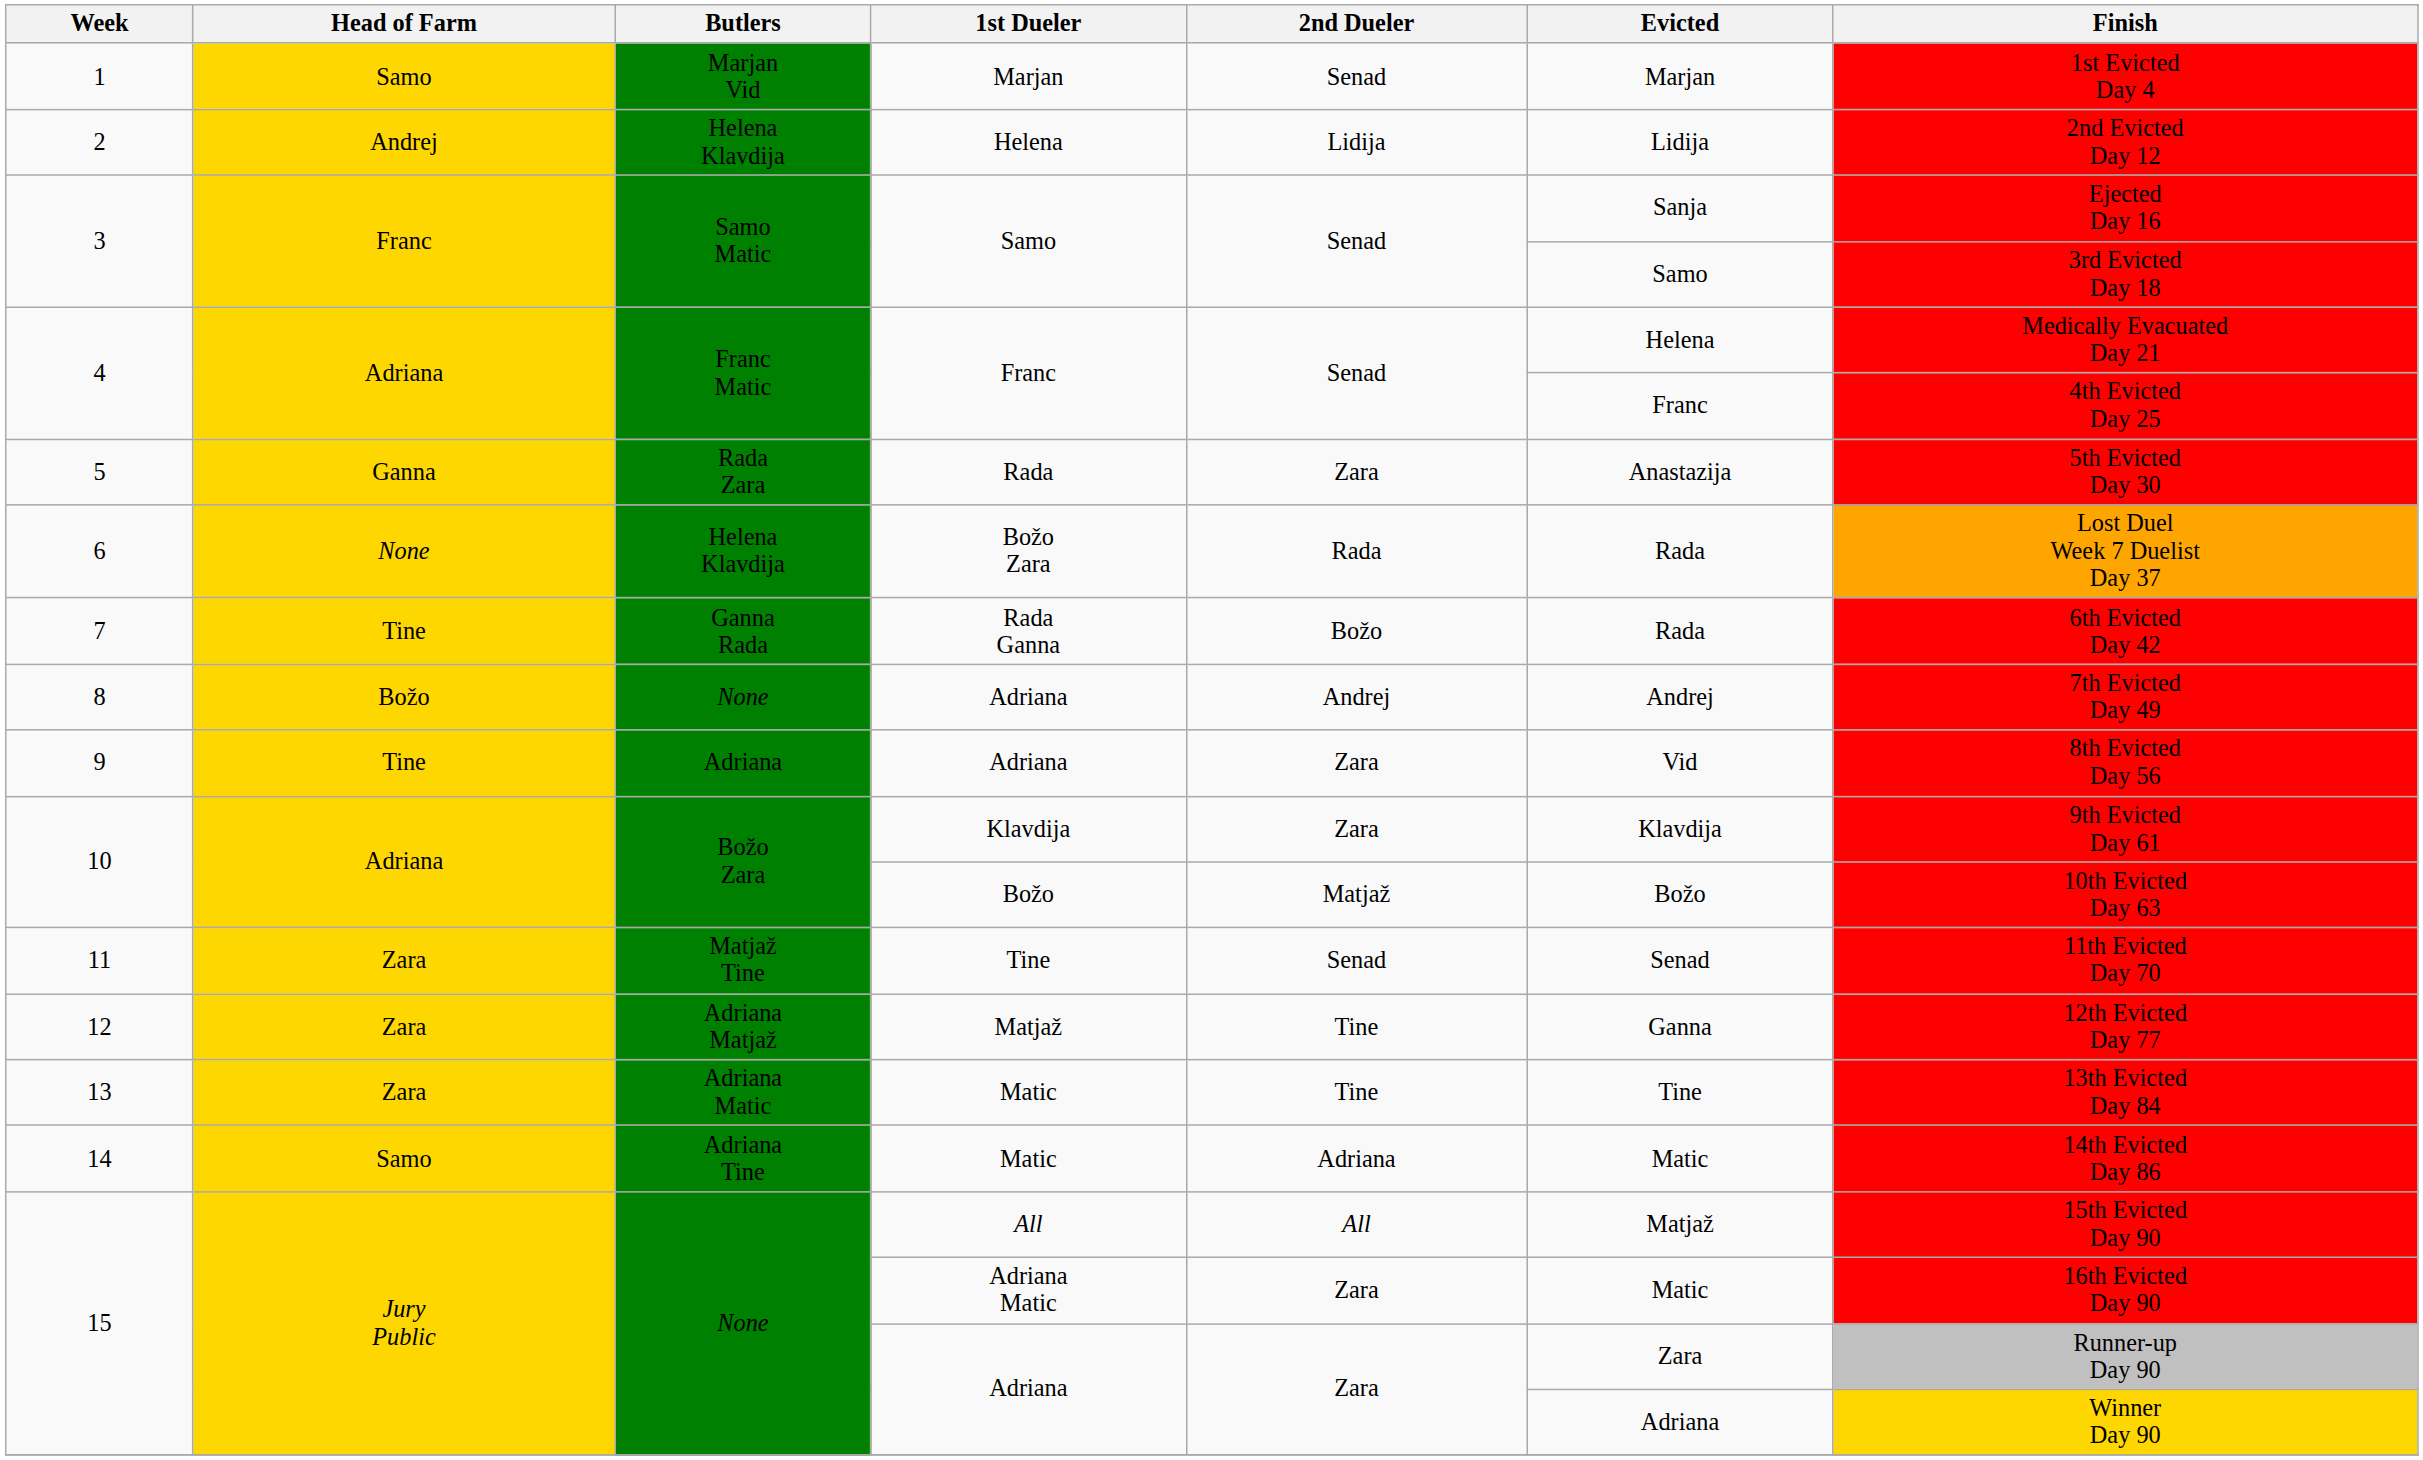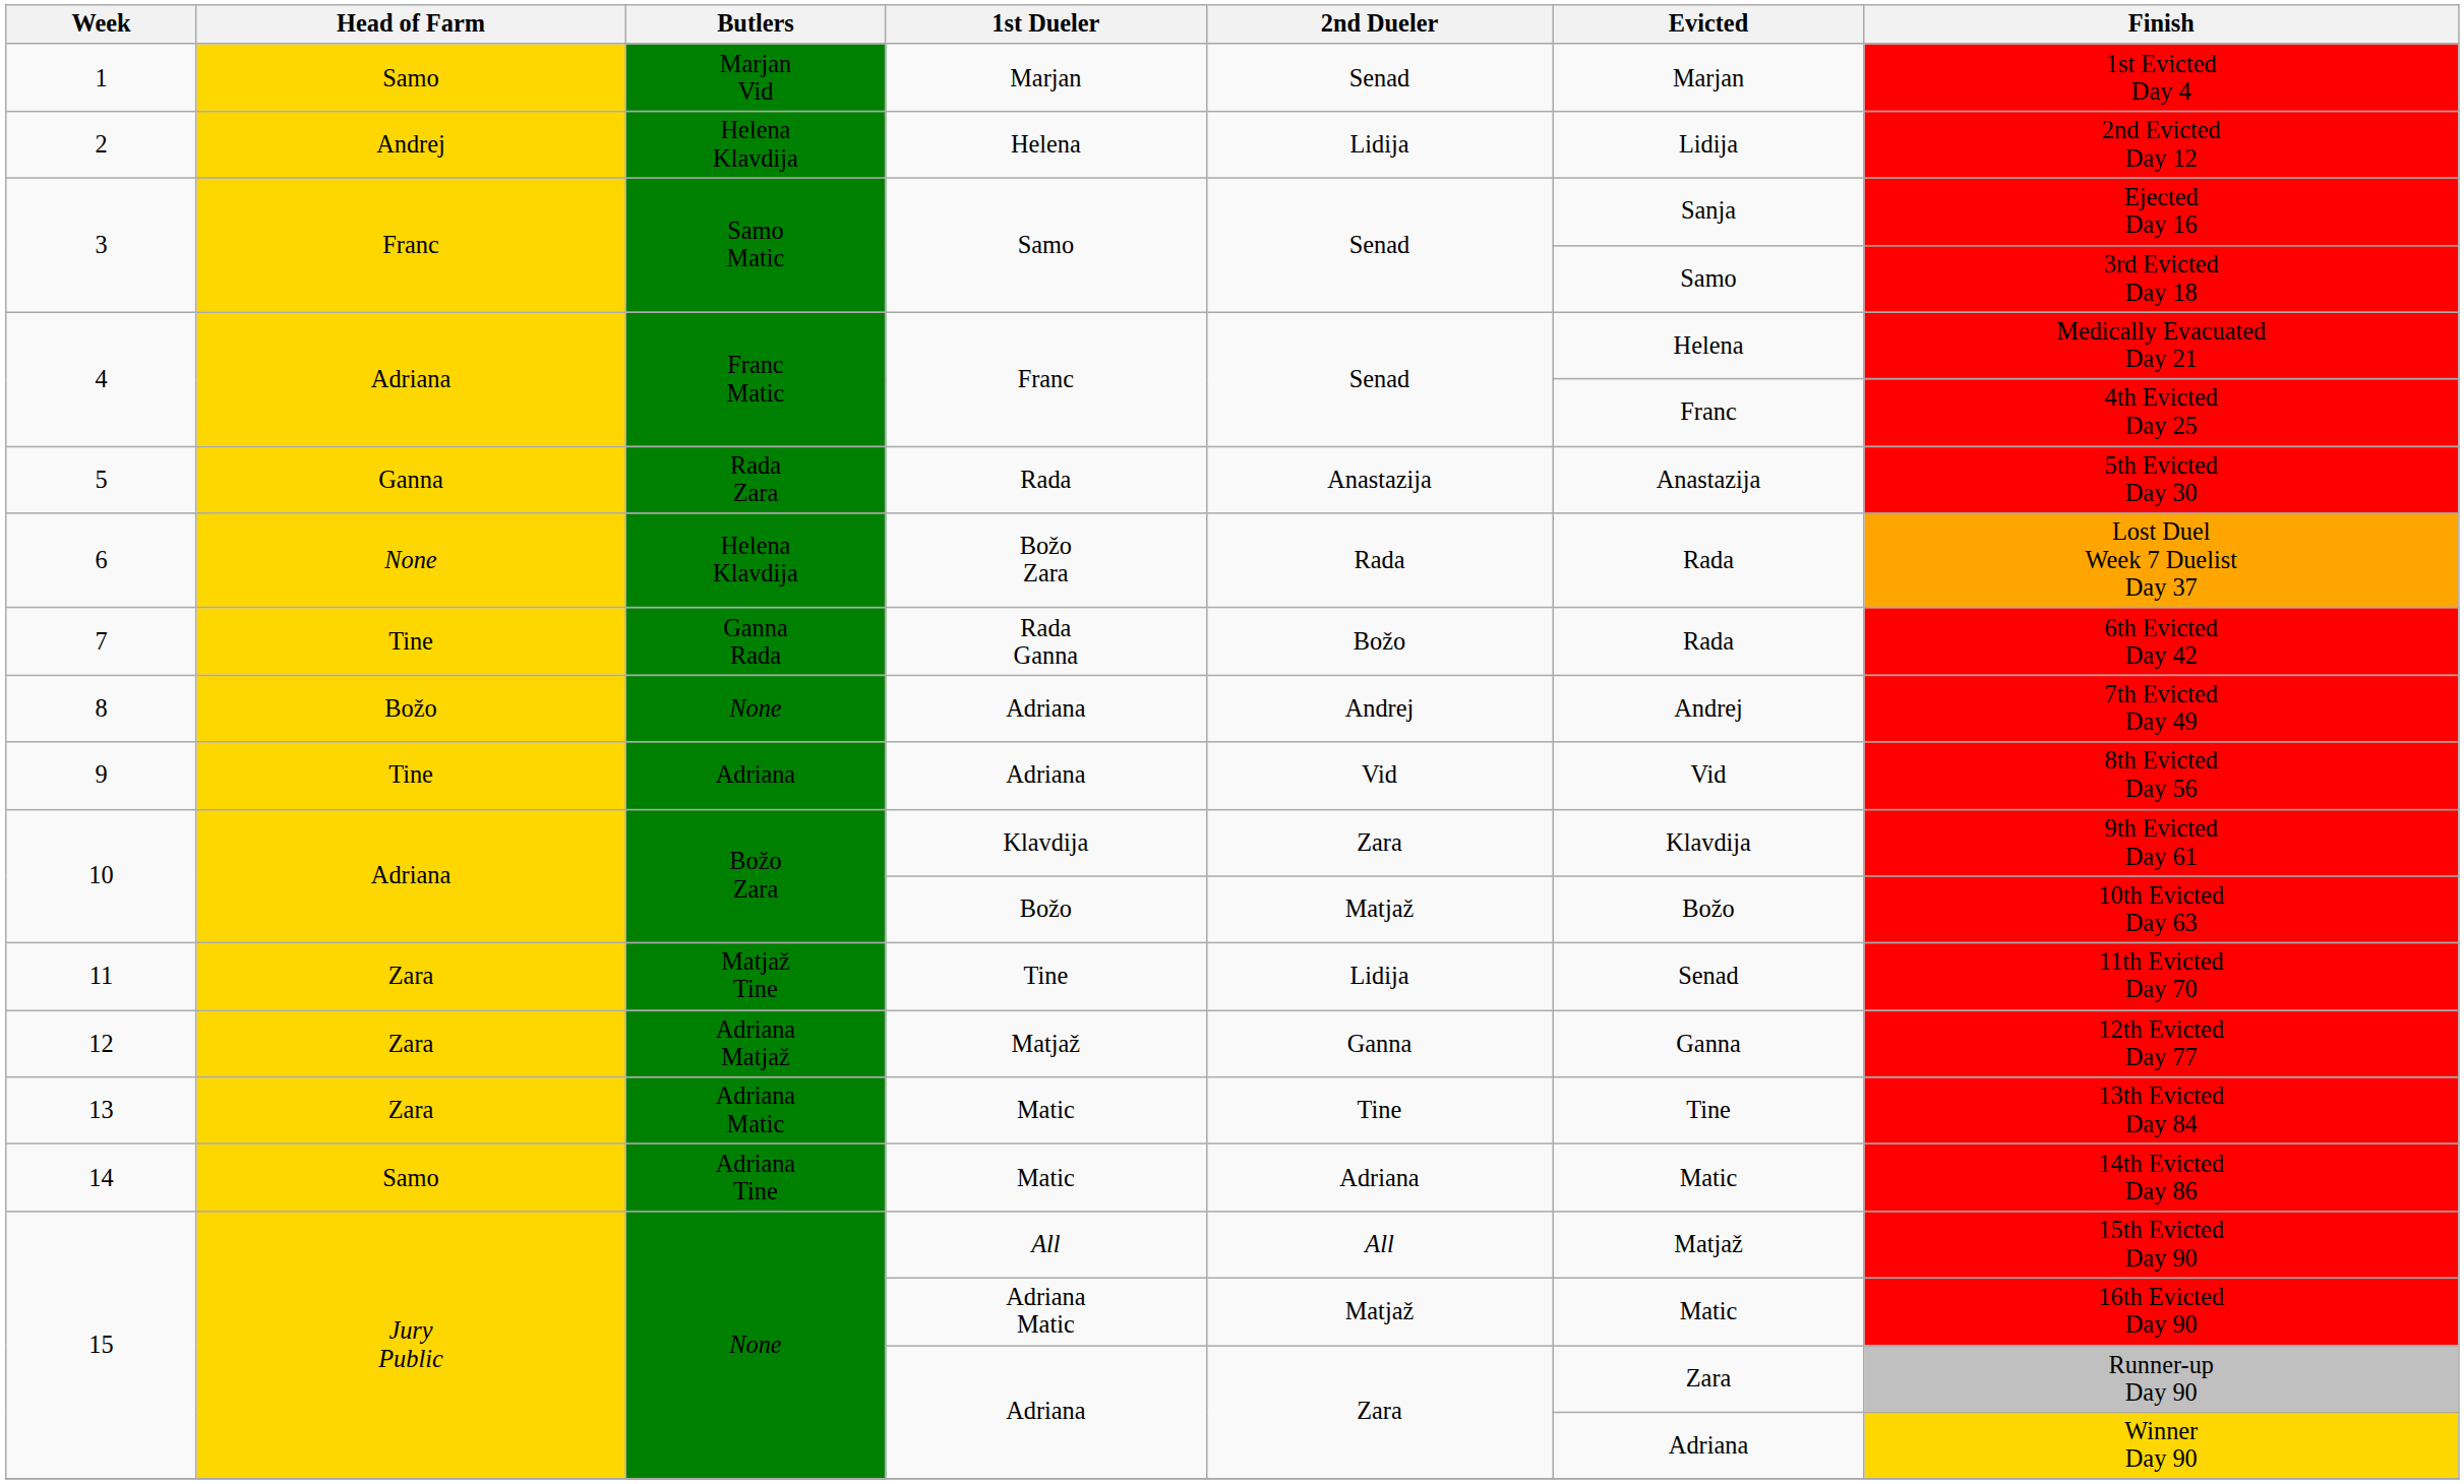 <table class="wikitable" style="font-size:100%; text-align:center; width: 80%; margin-left: auto; margin-right: auto;">
 <tr>
 <th>Week</th>
 <th>Head of Farm</th>
 <th>Butlers</th>
 <th>1st Dueler</th>
 <th>2nd Dueler</th>
 <th>Evicted</th>
 <th>Finish</th>
 </tr>
 <tr>
 <td>1</td>
 <td style="background:gold;">Samo</td>
 <td style="background:green;">Marjan<br>Vid</td>
 <td>Marjan</td>
 <td>Senad</td>
 <td>Marjan</td>
 <td style="background:#ff0000">1st Evicted<br>Day 4</td>
 </tr>
 <tr>
 <td>2</td>
 <td style="background:gold;">Andrej</td>
 <td style="background:green;">Helena<br>Klavdija</td>
 <td>Helena</td>
 <td>Lidija</td>
 <td>Lidija</td>
 <td style="background:#ff0000">2nd Evicted<br>Day 12</td>
 </tr>
 <tr>
 <td rowspan="2">3</td>
 <td rowspan="2" style="background:gold;">Franc</td>
 <td rowspan="2" style="background:green;">Samo<br>Matic</td>
 <td rowspan="2">Samo</td>
 <td rowspan="2">Senad</td>
 <td rowspan="1">Sanja</td>
 <td rowspan="1" style="background:#ff0000">Ejected<br>Day 16</td>
 </tr>
 <tr>
 <td rowspan="1">Samo</td>
 <td rowspan="1" style="background:#ff0000">3rd Evicted<br>Day 18</td>
 </tr>
 <tr>
 <td rowspan="2">4</td>
 <td rowspan="2" style="background:gold;">Adriana</td>
 <td rowspan="2" style="background:green;">Franc<br>Matic</td>
 <td rowspan="2">Franc</td>
 <td rowspan="2">Senad</td>
 <td rowspan="1">Helena</td>
 <td rowspan="1" style="background:#ff0000">Medically Evacuated<br>Day 21</td>
 </tr>
 <tr>
 <td rowspan="1">Franc</td>
 <td rowspan="1" style="background:#ff0000">4th Evicted<br>Day 25</td>
 </tr>
 <tr>
 <td>5</td>
 <td style="background:gold;">Ganna</td>
 <td style="background:green;">Rada<br>Zara</td>
 <td>Rada</td>
-<td rowspan="1">Zara</td>
+<td>Anastazija</td>
 <td>Anastazija</td>
 <td style="background:#ff0000">5th Evicted<br>Day 30</td>
 </tr>
 <tr>
 <td>6</td>
 <td style="background:gold;"><em>None</em></td>
 <td style="background:green;">Helena<br>Klavdija</td>
 <td>Božo<br>Zara</td>
 <td>Rada</td>
 <td>Rada</td>
 <td style="background:orange;">Lost Duel<br>Week 7 Duelist<br>Day 37</td>
 </tr>
 <tr>
 <td>7</td>
 <td style="background:gold;">Tine</td>
 <td style="background:green;">Ganna<br>Rada</td>
 <td>Rada<br>Ganna</td>
 <td>Božo</td>
 <td>Rada</td>
 <td style="background:#ff0000">6th Evicted<br>Day 42</td>
 </tr>
 <tr>
 <td>8</td>
 <td style="background:gold;">Božo</td>
 <td style="background:green;"><em>None</em></td>
 <td>Adriana</td>
 <td>Andrej</td>
 <td>Andrej</td>
 <td style="background:#ff0000">7th Evicted<br>Day 49</td>
 </tr>
 <tr>
 <td>9</td>
 <td style="background:gold;">Tine</td>
 <td style="background:green;">Adriana<br></td>
 <td>Adriana</td>
-<td rowspan="1">Zara</td>
+<td>Vid</td>
 <td>Vid</td>
 <td style="background:#ff0000">8th Evicted<br>Day 56</td>
 </tr>
 <tr>
 <td rowspan="2">10</td>
 <td rowspan="2" style="background:gold;">Adriana</td>
 <td rowspan="2" style="background:green;">Božo<br>Zara</td>
 <td rowspan="1">Klavdija</td>
 <td rowspan="1">Zara</td>
 <td rowspan="1">Klavdija</td>
 <td rowspan="1" style="background:#ff0000">9th Evicted<br>Day 61</td>
 </tr>
 <tr>
 <td rowspan="1">Božo</td>
 <td rowspan="1">Matjaž</td>
 <td rowspan="1">Božo</td>
 <td rowspan="1" style="background:#ff0000">10th Evicted<br>Day 63</td>
 </tr>
 <tr>
 <td>11</td>
 <td style="background:gold;">Zara</td>
 <td style="background:green;">Matjaž<br>Tine</td>
 <td>Tine</td>
-<td>Senad</td>
+<td>Lidija</td>
 <td>Senad</td>
 <td style="background:#ff0000">11th Evicted<br>Day 70</td>
 </tr>
 <tr>
 <td>12</td>
 <td style="background:gold;">Zara</td>
 <td style="background:green;">Adriana<br>Matjaž</td>
 <td>Matjaž</td>
-<td>Tine</td>
+<td>Ganna</td>
 <td>Ganna</td>
 <td style="background:#ff0000">12th Evicted<br>Day 77</td>
 </tr>
 <tr>
 <td>13</td>
 <td style="background:gold;">Zara</td>
 <td style="background:green;">Adriana<br>Matic</td>
 <td>Matic</td>
 <td>Tine</td>
 <td>Tine</td>
 <td style="background:#ff0000">13th Evicted<br>Day 84</td>
 </tr>
 <tr>
 <td>14</td>
 <td style="background:gold;">Samo</td>
 <td style="background:green;">Adriana<br>Tine</td>
 <td>Matic</td>
 <td>Adriana</td>
 <td>Matic</td>
 <td style="background:#ff0000">14th Evicted<br>Day 86</td>
 </tr>
 <tr>
 <td rowspan="4">15</td>
 <td rowspan="4" style=background:gold;><em>Jury</em><br><em>Public</em></td>
 <td rowspan="4" style="background:green;"><em>None</em></td>
 <td rowspan="1"><em>All</em></td>
 <td rowspan="1"><em>All</em></td>
 <td rowspan="1">Matjaž</td>
 <td rowspan="1" style="background:#ff0000">15th Evicted<br>Day 90</td>
 </tr>
 <tr>
 <td rowspan="1">Adriana<br>Matic</td>
-<td rowspan="1">Zara</td>
+<td rowspan="1">Matjaž</td>
 <td rowspan="1">Matic</td>
 <td rowspan="1" style="background:#ff0000;">16th Evicted<br>Day 90</td>
 </tr>
 <tr>
 <td rowspan="2">Adriana</td>
 <td rowspan="2">Zara</td>
 <td rowspan="1">Zara</td>
 <td rowspan="1" style="background:silver;">Runner-up<br>Day 90</td>
 </tr>
 <tr>
 <td rowspan="1">Adriana</td>
 <td rowspan="1" style="background:gold;">Winner<br>Day 90</td>
 </tr>
 <tr>
 </tr>
 </table>
